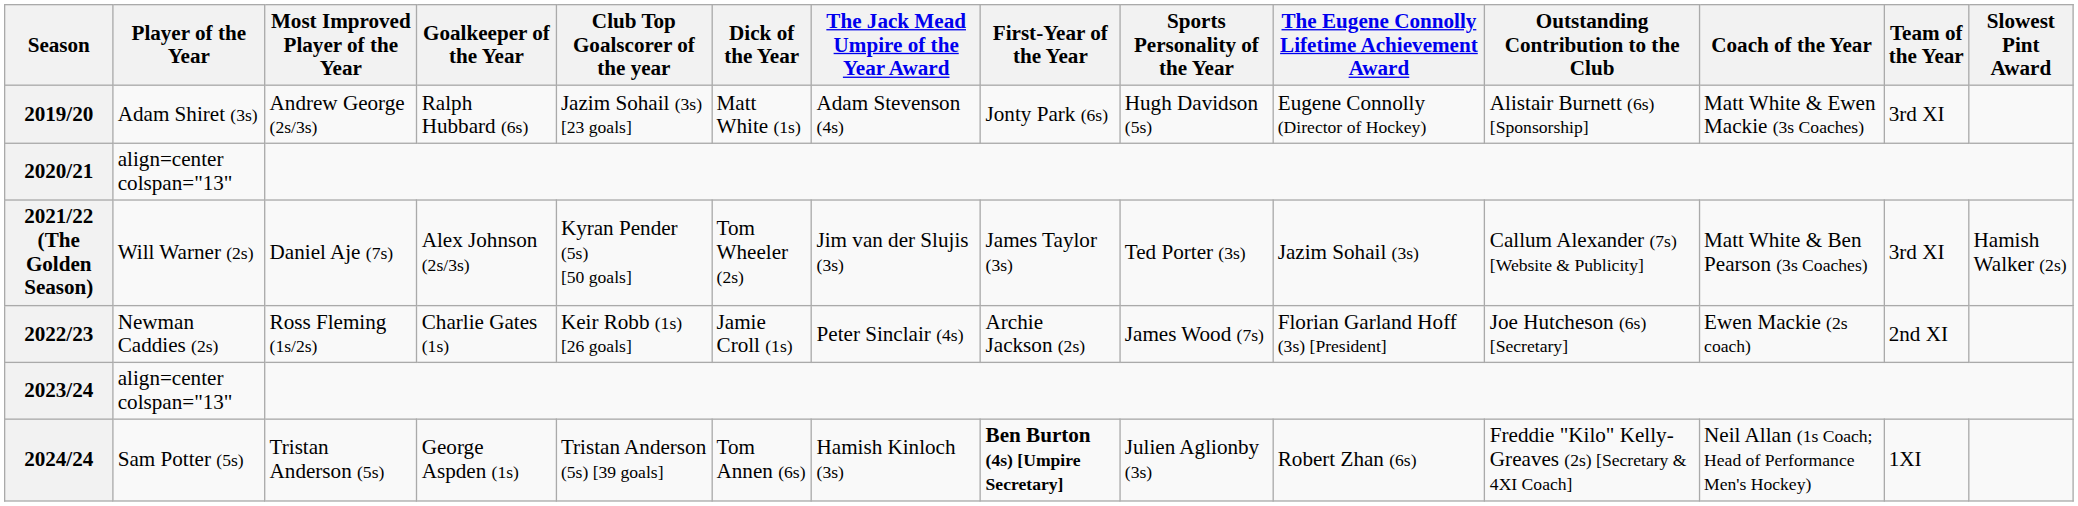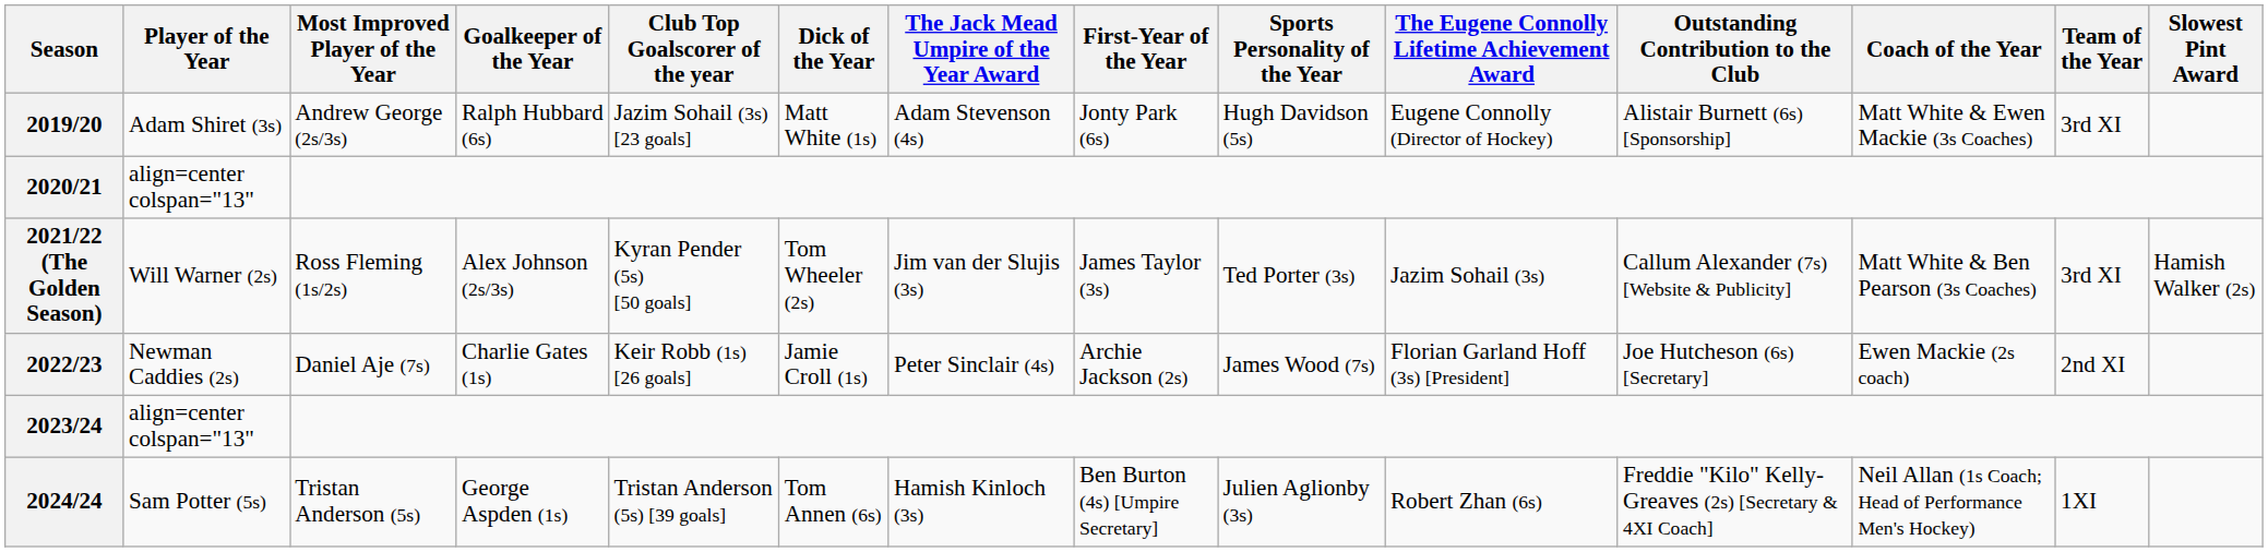 <table class="wikitable">
 <tr>
 <th>Season</th>
 <th>Player of the Year</th>
 <th>Most Improved Player of the Year</th>
 <th>Goalkeeper of the Year</th>
 <th>Club Top Goalscorer of the year</th>
 <th>Dick of the Year</th>
 <th><a href='#'>The Jack Mead Umpire of the Year Award</a></th>
 <th>First-Year of the Year</th>
 <th>Sports Personality of the Year</th>
 <th><a href='#'>The Eugene Connolly Lifetime Achievement Award</a></th>
 <th>Outstanding Contribution to the Club</th>
 <th>Coach of the Year</th>
 <th>Team of the Year</th>
 <th>Slowest Pint Award</th>
 </tr>
 <tr>
 <th>2019/20</th>
 <td>Adam Shiret <small>(3s)</small></td>
 <td>Andrew George <small>(2s/3s)</small></td>
 <td>Ralph Hubbard <small>(6s)</small></td>
 <td>Jazim Sohail <small>(3s)</small><br><small>[23 goals]</small></td>
 <td>Matt White <small>(1s)</small></td>
 <td>Adam Stevenson <small>(4s)</small></td>
 <td>Jonty Park <small>(6s)</small></td>
 <td>Hugh Davidson <small>(5s)</small></td>
 <td>Eugene Connolly <small>(Director of Hockey)</small></td>
 <td>Alistair Burnett <small>(6s) [Sponsorship]</small></td>
 <td>Matt White & Ewen Mackie <small>(3s Coaches)</small></td>
 <td>3rd XI</td>
 <td></td>
 </tr>
 <tr>
 <th>2020/21</th>
 <td>align=center colspan="13" </td>
 </tr>
 <tr>
 <th>2021/22<br>(The Golden Season)</th>
 <td>Will Warner <small>(2s)</small></td>
-<td>Daniel Aje <small>(7s)</small></td>
+<td>Ross Fleming <small>(1s/2s)</small></td>
 <td>Alex Johnson <small>(2s/3s)</small></td>
 <td>Kyran Pender <small>(5s)</small><br><small>[50 goals]</small></td>
 <td>Tom Wheeler <small>(2s)</small></td>
 <td>Jim van der Slujis <small>(3s)</small></td>
 <td>James Taylor <small>(3s)</small></td>
 <td>Ted Porter <small>(3s)</small></td>
 <td>Jazim Sohail <small>(3s)</small></td>
 <td>Callum Alexander <small>(7s) [Website & Publicity]</small></td>
 <td>Matt White & Ben Pearson <small>(3s Coaches)</small></td>
 <td>3rd XI</td>
 <td>Hamish Walker <small>(2s)</small></td>
 </tr>
 <tr>
 <th>2022/23</th>
 <td>Newman Caddies <small>(2s)</small></td>
-<td>Ross Fleming <small>(1s/2s)</small></td>
+<td>Daniel Aje <small>(7s)</small></td>
 <td>Charlie Gates <small>(1s)</small></td>
 <td>Keir Robb <small>(1s)</small> <small>[26 goals]</small></td>
 <td>Jamie Croll <small>(1s)</small></td>
 <td>Peter Sinclair <small>(4s)</small></td>
 <td>Archie Jackson <small>(2s)</small></td>
 <td>James Wood <small>(7s)</small></td>
 <td>Florian Garland Hoff <small>(3s) [President]</small></td>
 <td>Joe Hutcheson <small>(6s) [Secretary]</small></td>
 <td>Ewen Mackie <small>(2s coach)</small></td>
 <td>2nd XI</td>
 <td></td>
 </tr>
 <tr>
 <th>2023/24</th>
 <td>align=center colspan="13" </td>
 </tr>
 <tr>
 <th>2024/24</th>
 <td>Sam Potter <small>(5s)</small></td>
 <td>Tristan Anderson <small>(5s)</small></td>
 <td>George Aspden <small>(1s)</small></td>
 <td>Tristan Anderson <small>(5s) [39 goals]</small></td>
 <td>Tom Annen <small>(6s)</small></td>
 <td>Hamish Kinloch <small>(3s)</small></td>
-<td><strong>Ben Burton <small>(4s) [Umpire Secretary]</small></strong></td>
+<td>Ben Burton <small>(4s) [Umpire Secretary]</small></td>
 <td>Julien Aglionby <small>(3s)</small></td>
 <td>Robert Zhan <small>(6s)</small></td>
 <td>Freddie "Kilo" Kelly-Greaves <small>(2s) [Secretary & 4XI Coach]</small></td>
 <td>Neil Allan <small>(1s Coach; Head of Performance Men's Hockey)</small></td>
 <td>1XI</td>
 <td></td>
 </tr>
 </table>
